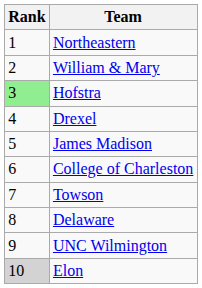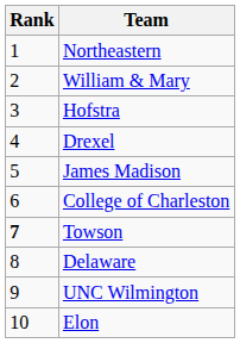 <table class=wikitable>
 <tr>
 <th>Rank</th>
 <th>Team</th>
 </tr>
 <tr>
 <td>1</td>
 <td><a href='#'>Northeastern</a></td>
 </tr>
 <tr>
 <td>2</td>
 <td><a href='#'>William & Mary</a></td>
 </tr>
 <tr>
-<td style="background: lightgreen;">3</td>
+<td>3</td>
 <td><a href='#'>Hofstra</a></td>
 </tr>
 <tr>
 <td>4</td>
 <td><a href='#'>Drexel</a></td>
 </tr>
 <tr>
 <td>5</td>
 <td><a href='#'>James Madison</a></td>
 </tr>
 <tr>
 <td>6</td>
 <td><a href='#'>College of Charleston</a></td>
 </tr>
 <tr>
-<td>7</td>
+<td><strong>7</strong></td>
 <td><a href='#'>Towson</a></td>
 </tr>
 <tr>
 <td>8</td>
 <td><a href='#'>Delaware</a></td>
 </tr>
 <tr>
 <td>9</td>
 <td><a href='#'>UNC Wilmington</a></td>
 </tr>
 <tr>
-<td style="background: lightgrey;">10</td>
+<td>10</td>
 <td><a href='#'>Elon</a></td>
 </tr>
 </table>
